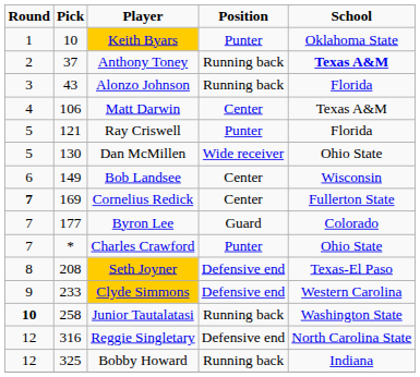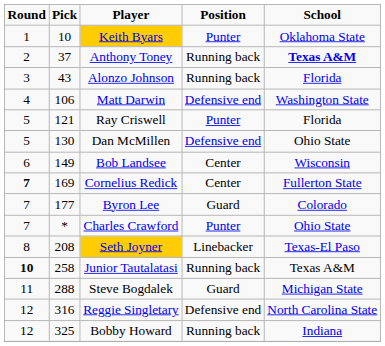 <table class="wikitable">
 <tr align="center">
 <td><strong>Round</strong></td>
 <td><strong>Pick</strong></td>
 <td><strong>Player</strong></td>
 <td><strong>Position</strong></td>
 <td><strong>School</strong></td>
 </tr>
 <tr align="center" bgcolor="">
 <td>1</td>
 <td>10</td>
 <td bgcolor="#FFCCOO"><a href='#'>Keith Byars</a></td>
 <td><a href='#'>Punter</a></td>
 <td><a href='#'>Oklahoma State</a></td>
 </tr>
 <tr align="center" bgcolor="">
 <td>2</td>
 <td>37</td>
 <td><a href='#'>Anthony Toney</a></td>
 <td>Running back</td>
 <td><strong><a href='#'>Texas A&M</a></strong></td>
 </tr>
 <tr align="center" bgcolor="">
 <td>3</td>
 <td>43</td>
 <td><a href='#'>Alonzo Johnson</a></td>
 <td>Running back</td>
 <td><a href='#'>Florida</a></td>
 </tr>
 <tr align="center" bgcolor="">
 <td>4</td>
 <td>106</td>
 <td><a href='#'>Matt Darwin</a></td>
-<td><a href='#'>Center</a></td>
-<td>Texas A&M</td>
+<td><a href='#'>Defensive end</a></td>
+<td><a href='#'>Washington State</a></td>
 </tr>
 <tr align="center" bgcolor="">
 <td>5</td>
 <td>121</td>
 <td>Ray Criswell</td>
 <td><a href='#'>Punter</a></td>
 <td>Florida</td>
 </tr>
 <tr align="center" bgcolor="">
 <td>5</td>
 <td>130</td>
 <td>Dan McMillen</td>
-<td><a href='#'>Wide receiver</a></td>
+<td><a href='#'>Defensive end</a></td>
 <td>Ohio State</td>
 </tr>
 <tr align="center" bgcolor="">
 <td>6</td>
 <td>149</td>
 <td><a href='#'>Bob Landsee</a></td>
 <td>Center</td>
 <td><a href='#'>Wisconsin</a></td>
 </tr>
 <tr align="center" bgcolor="">
 <td><strong>7</strong></td>
 <td>169</td>
 <td><a href='#'>Cornelius Redick</a></td>
 <td>Center</td>
 <td><a href='#'>Fullerton State</a></td>
 </tr>
 <tr align="center" bgcolor="">
 <td>7</td>
 <td>177</td>
 <td><a href='#'>Byron Lee</a></td>
 <td>Guard</td>
 <td><a href='#'>Colorado</a></td>
 </tr>
 <tr align="center" bgcolor="">
 <td>7</td>
 <td>*</td>
 <td><a href='#'>Charles Crawford</a></td>
 <td><a href='#'>Punter</a></td>
 <td><a href='#'>Ohio State</a></td>
 </tr>
 <tr align="center" bgcolor="">
 <td>8</td>
 <td>208</td>
 <td bgcolor="#FFCC00"><a href='#'>Seth Joyner</a></td>
-<td><a href='#'>Defensive end</a></td>
+<td>Linebacker</td>
 <td><a href='#'>Texas-El Paso</a></td>
-</tr>
-<tr align="center" bgcolor="">
-<td>9</td>
-<td>233</td>
-<td bgcolor="#FFCC00"><a href='#'>Clyde Simmons</a></td>
-<td><a href='#'>Defensive end</a></td>
-<td><a href='#'>Western Carolina</a></td>
 </tr>
 <tr align="center" bgcolor="">
 <td><strong>10</strong></td>
 <td>258</td>
 <td><a href='#'>Junior Tautalatasi</a></td>
 <td>Running back</td>
-<td><a href='#'>Washington State</a></td>
+<td>Texas A&M</td>
+</tr>
+<tr align="center" bgcolor="">
+<td>11</td>
+<td>288</td>
+<td>Steve Bogdalek</td>
+<td>Guard</td>
+<td><a href='#'>Michigan State</a></td>
 </tr>
 <tr align="center" bgcolor="">
 <td>12</td>
 <td>316</td>
 <td><a href='#'>Reggie Singletary</a></td>
 <td>Defensive end</td>
 <td><a href='#'>North Carolina State</a></td>
 </tr>
 <tr align="center" bgcolor="">
 <td>12</td>
 <td>325</td>
 <td>Bobby Howard</td>
 <td>Running back</td>
 <td><a href='#'>Indiana</a></td>
 </tr>
 <tr align="center" bgcolor="">
 </tr>
 </table>
